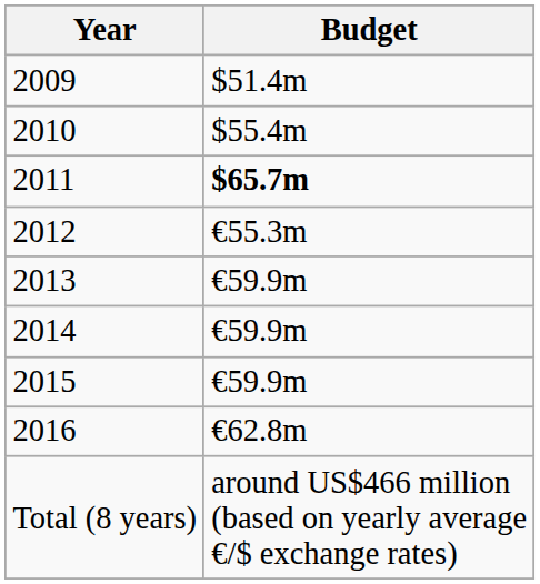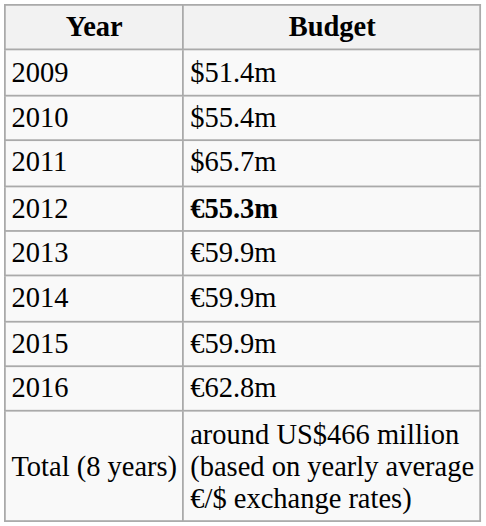 <table class="wikitable">
 <tr>
 <th>Year</th>
 <th>Budget</th>
 </tr>
 <tr>
 <td>2009</td>
 <td>$51.4m</td>
 </tr>
 <tr>
 <td>2010</td>
 <td>$55.4m</td>
 </tr>
 <tr>
 <td>2011</td>
-<td><strong>$65.7m</strong></td>
+<td>$65.7m</td>
 </tr>
 <tr>
 <td>2012</td>
-<td>€55.3m</td>
+<td><strong>€55.3m</strong></td>
 </tr>
 <tr>
 <td>2013</td>
 <td>€59.9m</td>
 </tr>
 <tr>
 <td>2014</td>
 <td>€59.9m</td>
 </tr>
 <tr>
 <td>2015</td>
 <td>€59.9m</td>
 </tr>
 <tr>
 <td>2016</td>
 <td>€62.8m</td>
 </tr>
 <tr>
 <td>Total (8 years)</td>
 <td>around US$466 million <br>(based on yearly average <br>€/$ exchange rates)</td>
 </tr>
 </table>
